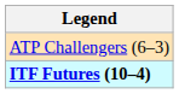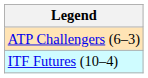 <table class=wikitable>
 <tr>
 <th>Legend</th>
 </tr>
 <tr bgcolor=moccasin>
 <td><a href='#'>ATP Challengers</a> (6–3)</td>
 </tr>
 <tr bgcolor="#cffcff">
-<td><strong><a href='#'>ITF Futures</a> (10–4)</strong></td>
+<td><a href='#'>ITF Futures</a> (10–4)</td>
 </tr>
 </table>
